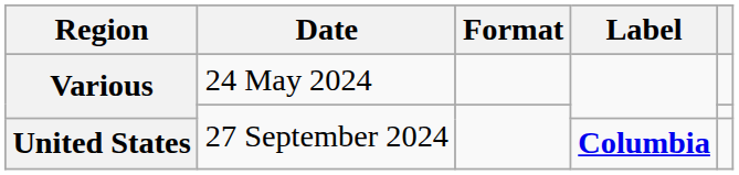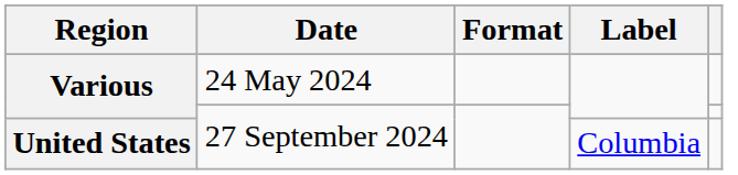 <table class="wikitable plainrowheaders">
 <tr>
 <th scope="col">Region</th>
 <th scope="col">Date</th>
 <th scope="col">Format</th>
 <th scope="col">Label</th>
 <th scope="col"></th>
 </tr>
 <tr>
 <th scope="row" rowspan="2">Various</th>
 <td>24 May 2024</td>
 <td></td>
 <td rowspan="2"></td>
 <td></td>
 </tr>
 <tr>
 <td rowspan="2">27 September 2024</td>
 <td rowspan="2"></td>
 <td></td>
 </tr>
 <tr>
 <th scope="row" rowspan="1">United States</th>
-<td><strong><a href='#'>Columbia</a></strong></td>
+<td><a href='#'>Columbia</a></td>
 <td></td>
 </tr>
 </table>
